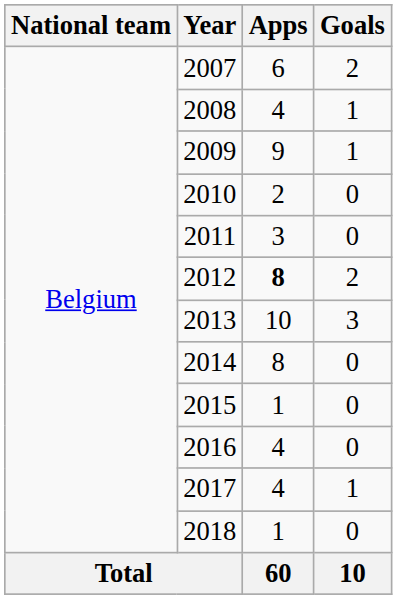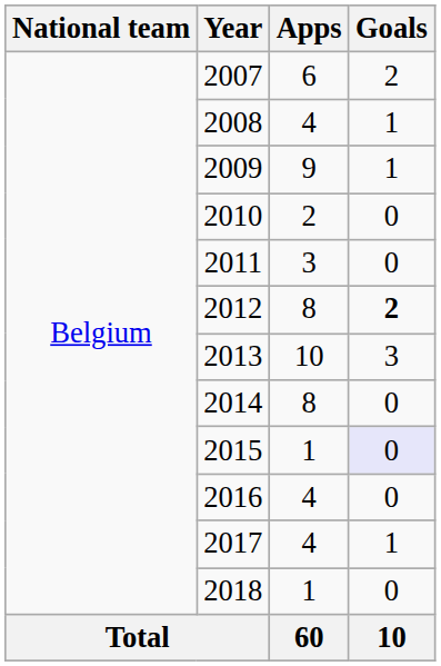 <table class="wikitable" style="text-align:center">
 <tr>
 <th>National team</th>
 <th>Year</th>
 <th>Apps</th>
 <th>Goals</th>
 </tr>
 <tr>
 <td rowspan="12"><a href='#'>Belgium</a></td>
 <td>2007</td>
 <td>6</td>
 <td>2</td>
 </tr>
 <tr>
 <td>2008</td>
 <td>4</td>
 <td>1</td>
 </tr>
 <tr>
 <td>2009</td>
 <td>9</td>
 <td>1</td>
 </tr>
 <tr>
 <td>2010</td>
 <td>2</td>
 <td>0</td>
 </tr>
 <tr>
 <td>2011</td>
 <td>3</td>
 <td>0</td>
 </tr>
 <tr>
 <td>2012</td>
-<td><strong>8</strong></td>
-<td>2</td>
+<td>8</td>
+<td><strong>2</strong></td>
 </tr>
 <tr>
 <td>2013</td>
 <td>10</td>
 <td>3</td>
 </tr>
 <tr>
 <td>2014</td>
 <td>8</td>
 <td>0</td>
 </tr>
 <tr>
 <td>2015</td>
 <td>1</td>
-<td>0</td>
+<td style="background: lavender;">0</td>
 </tr>
 <tr>
 <td>2016</td>
 <td>4</td>
 <td>0</td>
 </tr>
 <tr>
 <td>2017</td>
 <td>4</td>
 <td>1</td>
 </tr>
 <tr>
 <td>2018</td>
 <td>1</td>
 <td>0</td>
 </tr>
 <tr>
 <th colspan="2">Total</th>
 <th>60</th>
 <th>10</th>
 </tr>
 </table>
